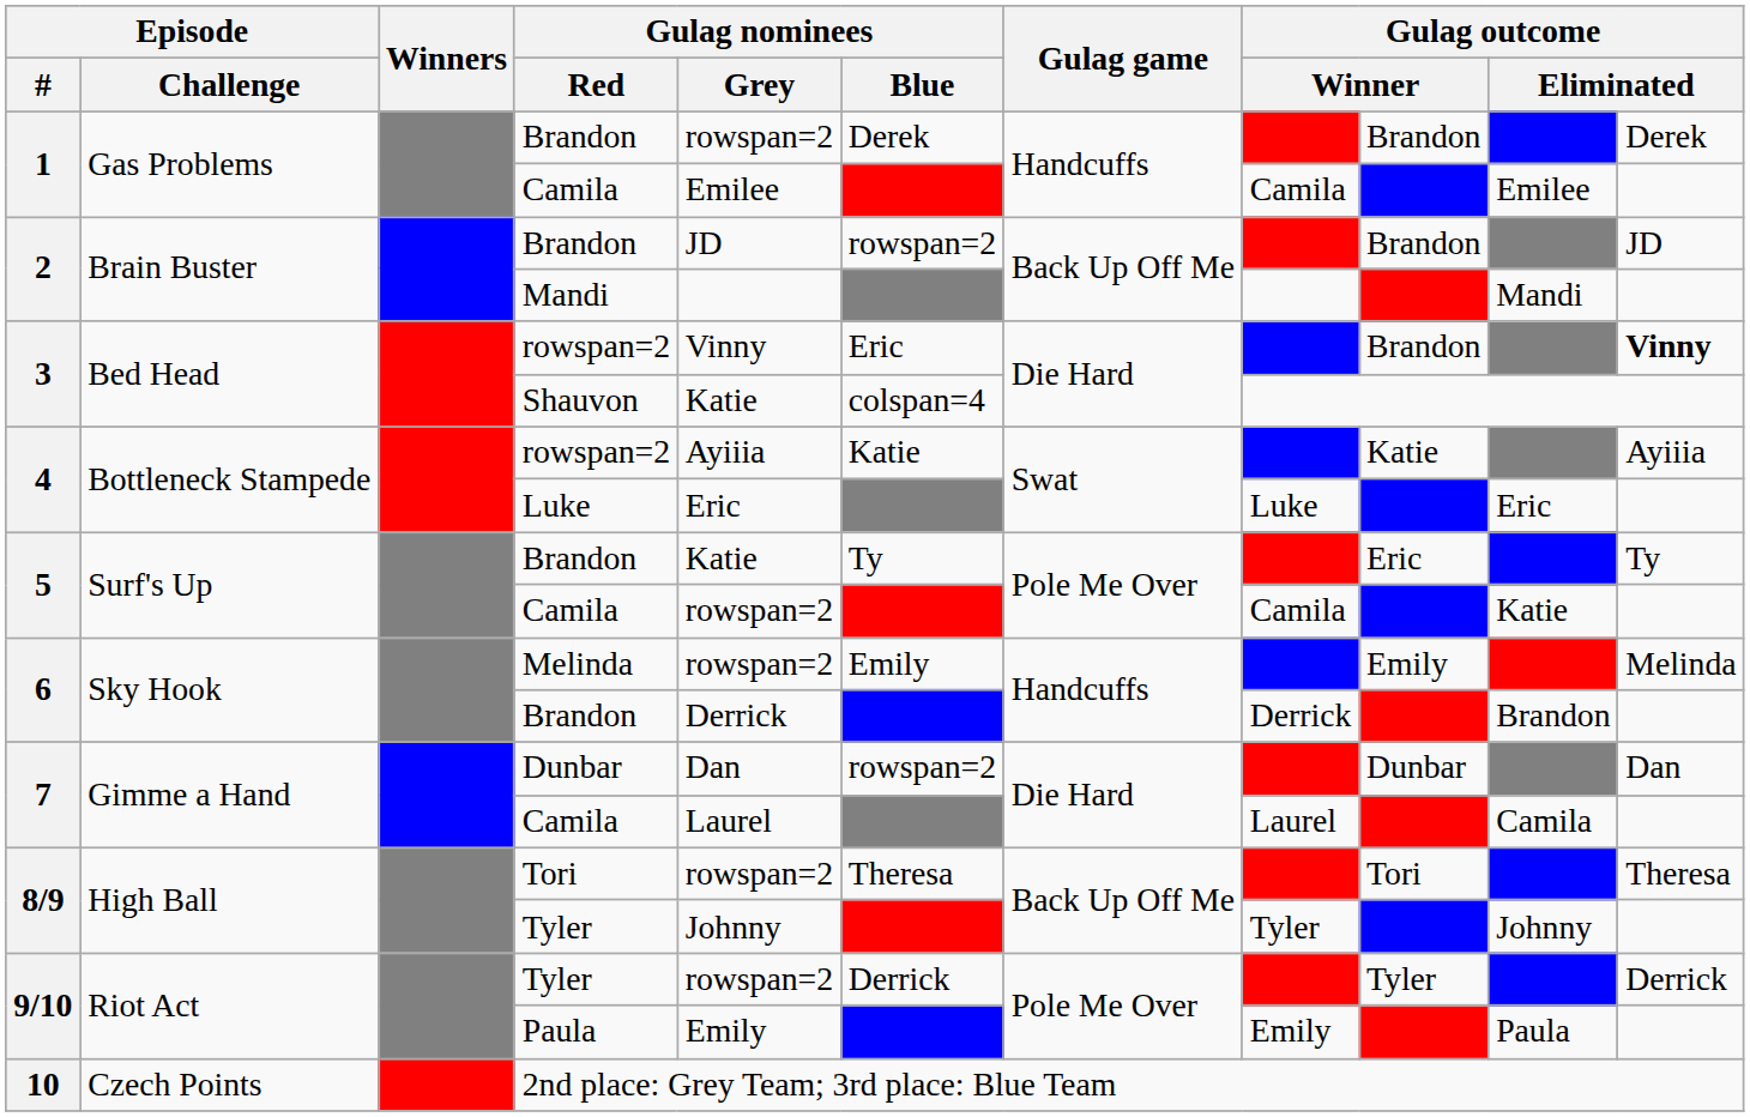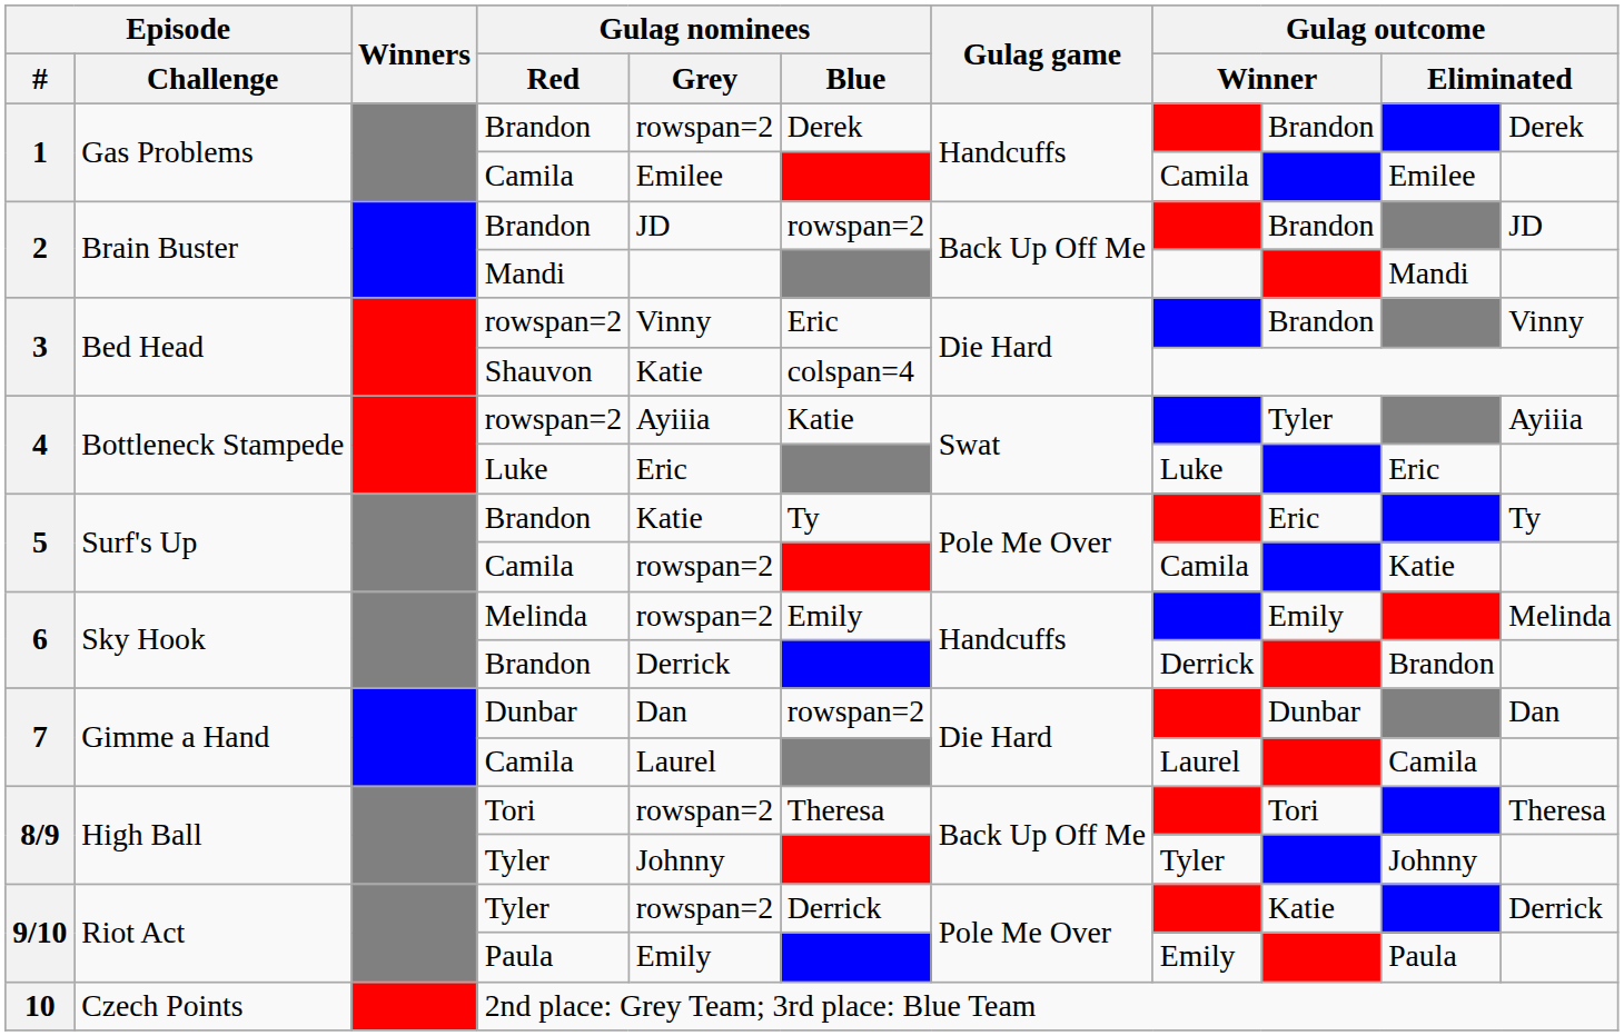 <table class="wikitable" style="font-size:100%; white-space:nowrap">
 <tr z>
 <th colspan=2>Episode</th>
 <th rowspan=2>Winners</th>
 <th colspan=3>Gulag nominees</th>
 <th rowspan=2>Gulag game</th>
 <th colspan=4>Gulag outcome</th>
 </tr>
 <tr>
 <th>#</th>
 <th>Challenge</th>
 <th>Red</th>
 <th>Grey</th>
 <th>Blue</th>
 <th colspan=2>Winner</th>
 <th colspan=2>Eliminated</th>
 </tr>
 <tr>
 <th rowspan=2>1</th>
 <td rowspan=2>Gas Problems</td>
 <td rowspan=2 bgcolor="gray"></td>
 <td>Brandon</td>
 <td>rowspan=2 </td>
 <td>Derek</td>
 <td rowspan=2>Handcuffs</td>
 <td bgcolor="red"></td>
 <td>Brandon</td>
 <td bgcolor="blue"></td>
 <td>Derek</td>
 </tr>
 <tr>
 <td>Camila</td>
 <td>Emilee</td>
 <td bgcolor="red"></td>
 <td>Camila</td>
 <td bgcolor="blue"></td>
 <td>Emilee</td>
 </tr>
 <tr>
 <th rowspan=2>2</th>
 <td rowspan=2>Brain Buster</td>
 <td rowspan=2 bgcolor="blue"></td>
 <td>Brandon</td>
 <td>JD</td>
 <td>rowspan=2 </td>
 <td rowspan=2 nowrap>Back Up Off Me</td>
 <td bgcolor="red"></td>
 <td>Brandon</td>
 <td bgcolor="gray"></td>
 <td>JD</td>
 </tr>
 <tr>
 <td>Mandi</td>
 <td></td>
 <td bgcolor="gray"></td>
 <td></td>
 <td bgcolor="red"></td>
 <td>Mandi</td>
 </tr>
 <tr>
 <th rowspan=2>3</th>
 <td rowspan=2>Bed Head</td>
 <td rowspan=2 bgcolor="red"></td>
 <td>rowspan=2 </td>
 <td>Vinny</td>
 <td>Eric</td>
 <td rowspan=2>Die Hard</td>
 <td bgcolor="blue"></td>
 <td>Brandon</td>
 <td bgcolor="gray"></td>
-<td><strong>Vinny</strong></td>
+<td>Vinny</td>
 </tr>
 <tr>
 <td>Shauvon</td>
 <td>Katie</td>
 <td>colspan=4 </td>
 </tr>
 <tr>
 <th rowspan=2>4</th>
 <td rowspan=2 nowrap>Bottleneck Stampede</td>
 <td rowspan=2 bgcolor="red"></td>
 <td>rowspan=2 </td>
 <td>Ayiiia</td>
 <td>Katie</td>
 <td rowspan=2>Swat</td>
 <td bgcolor="blue"></td>
-<td>Katie</td>
+<td>Tyler</td>
 <td bgcolor="gray"></td>
 <td>Ayiiia</td>
 </tr>
 <tr>
 <td>Luke</td>
 <td>Eric</td>
 <td bgcolor="gray"></td>
 <td>Luke</td>
 <td bgcolor="blue"></td>
 <td>Eric</td>
 </tr>
 <tr>
 <th rowspan=2>5</th>
 <td rowspan=2>Surf's Up</td>
 <td rowspan=2 bgcolor="gray"></td>
 <td>Brandon</td>
 <td>Katie</td>
 <td>Ty</td>
 <td rowspan=2>Pole Me Over</td>
 <td bgcolor="red"></td>
 <td>Eric</td>
 <td bgcolor="blue"></td>
 <td>Ty</td>
 </tr>
 <tr>
 <td>Camila</td>
 <td>rowspan=2 </td>
 <td bgcolor="red"></td>
 <td>Camila</td>
 <td bgcolor="blue"></td>
 <td>Katie</td>
 </tr>
 <tr>
 <th rowspan=2>6</th>
 <td rowspan=2>Sky Hook</td>
 <td rowspan=2 bgcolor="gray"></td>
 <td>Melinda</td>
 <td>rowspan=2 </td>
 <td>Emily</td>
 <td rowspan=2>Handcuffs</td>
 <td bgcolor="blue"></td>
 <td>Emily</td>
 <td bgcolor="red"></td>
 <td>Melinda</td>
 </tr>
 <tr>
 <td>Brandon</td>
 <td>Derrick</td>
 <td bgcolor="blue"></td>
 <td>Derrick</td>
 <td bgcolor="red"></td>
 <td>Brandon</td>
 </tr>
 <tr>
 <th rowspan=2>7</th>
 <td rowspan=2>Gimme a Hand</td>
 <td rowspan=2 bgcolor="blue"></td>
 <td>Dunbar</td>
 <td>Dan</td>
 <td>rowspan=2 </td>
 <td rowspan=2>Die Hard</td>
 <td bgcolor="red"></td>
 <td>Dunbar</td>
 <td bgcolor="gray"></td>
 <td>Dan</td>
 </tr>
 <tr>
 <td>Camila</td>
 <td>Laurel</td>
 <td bgcolor="gray"></td>
 <td>Laurel</td>
 <td bgcolor="red"></td>
 <td>Camila</td>
 </tr>
 <tr>
 <th rowspan=2>8/9</th>
 <td rowspan=2>High Ball</td>
 <td rowspan=2 bgcolor="gray"></td>
 <td>Tori</td>
 <td>rowspan=2 </td>
 <td>Theresa</td>
 <td rowspan=2>Back Up Off Me</td>
 <td bgcolor="red"></td>
 <td>Tori</td>
 <td bgcolor="blue"></td>
 <td>Theresa</td>
 </tr>
 <tr>
 <td>Tyler</td>
 <td>Johnny</td>
 <td bgcolor="red"></td>
 <td>Tyler</td>
 <td bgcolor="blue"></td>
 <td>Johnny</td>
 </tr>
 <tr>
 <th rowspan=2>9/10</th>
 <td rowspan=2>Riot Act</td>
 <td rowspan=2 bgcolor="gray"></td>
 <td>Tyler</td>
 <td>rowspan=2 </td>
 <td>Derrick</td>
 <td rowspan=2>Pole Me Over</td>
 <td bgcolor="red"></td>
-<td>Tyler</td>
+<td>Katie</td>
 <td bgcolor="blue"></td>
 <td>Derrick</td>
 </tr>
 <tr>
 <td>Paula</td>
 <td>Emily</td>
 <td bgcolor="blue"></td>
 <td>Emily</td>
 <td bgcolor="red"></td>
 <td>Paula</td>
 </tr>
 <tr>
 <th>10</th>
 <td>Czech Points</td>
 <td bgcolor="red"><strong></strong></td>
 <td colspan=8>2nd place: Grey Team; 3rd place: Blue Team</td>
 </tr>
 </table>
